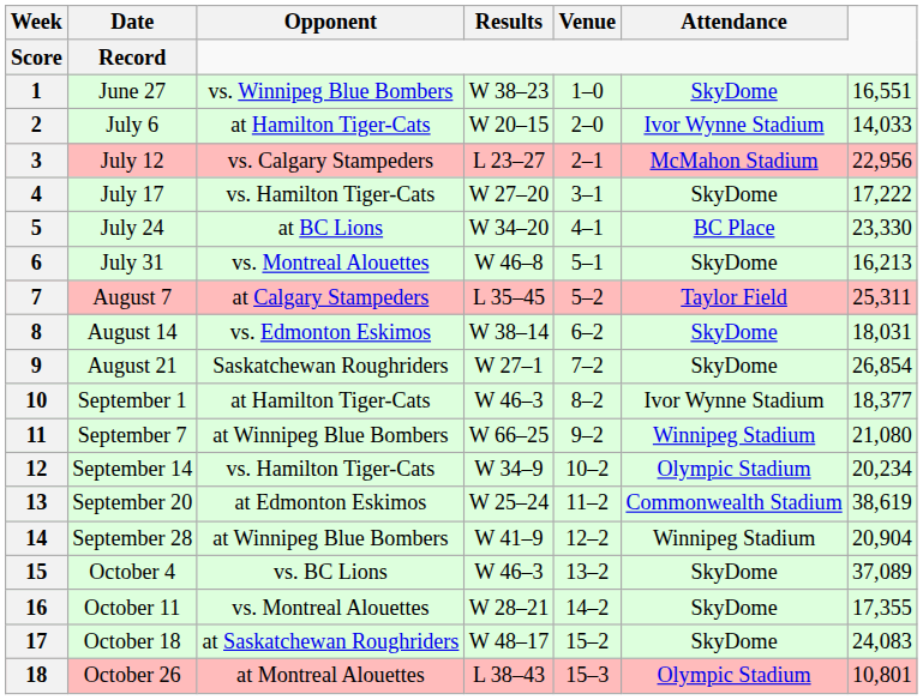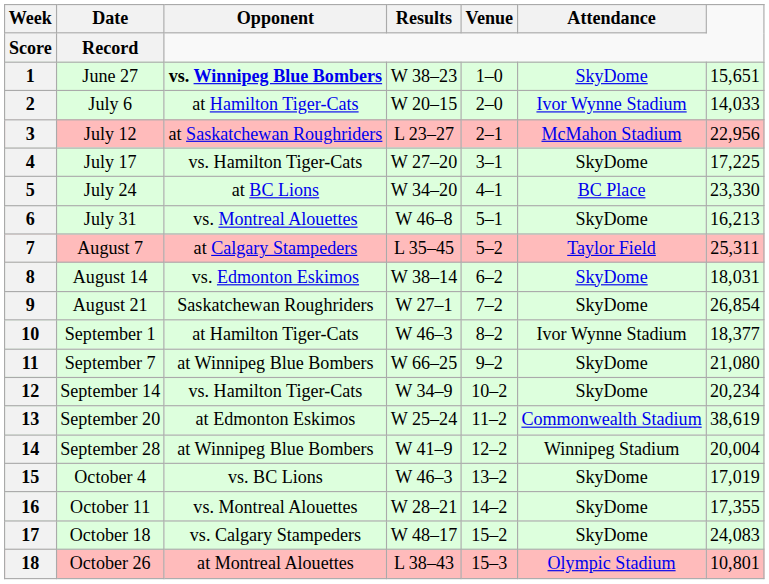 <table class="wikitable" style="text-align:center">
 <tr>
 <th>Week</th>
 <th>Date</th>
 <th>Opponent</th>
 <th>Results</th>
 <th>Venue</th>
 <th>Attendance</th>
 </tr>
 <tr>
 <th>Score</th>
 <th>Record</th>
 </tr>
 <tr style="background:#ddffdd">
 <th>1</th>
 <td>June 27</td>
-<td>vs. <a href='#'>Winnipeg Blue Bombers</a></td>
+<td><strong>vs. <a href='#'>Winnipeg Blue Bombers</a></strong></td>
 <td>W 38–23</td>
 <td>1–0</td>
 <td><a href='#'>SkyDome</a></td>
-<td>16,551</td>
+<td>15,651</td>
 </tr>
 <tr style="background:#ddffdd">
 <th>2</th>
 <td>July 6</td>
 <td>at <a href='#'>Hamilton Tiger-Cats</a></td>
 <td>W 20–15</td>
 <td>2–0</td>
 <td><a href='#'>Ivor Wynne Stadium</a></td>
 <td>14,033</td>
 </tr>
 <tr style="background:#ffbbbb">
 <th>3</th>
 <td>July 12</td>
-<td>vs. Calgary Stampeders</td>
+<td>at <a href='#'>Saskatchewan Roughriders</a></td>
 <td>L 23–27</td>
 <td>2–1</td>
 <td><a href='#'>McMahon Stadium</a></td>
 <td>22,956</td>
 </tr>
 <tr style="background:#ddffdd">
 <th>4</th>
 <td>July 17</td>
 <td>vs. Hamilton Tiger-Cats</td>
 <td>W 27–20</td>
 <td>3–1</td>
 <td>SkyDome</td>
-<td>17,222</td>
+<td>17,225</td>
 </tr>
 <tr style="background:#ddffdd">
 <th>5</th>
 <td>July 24</td>
 <td>at <a href='#'>BC Lions</a></td>
 <td>W 34–20</td>
 <td>4–1</td>
 <td><a href='#'>BC Place</a></td>
 <td>23,330</td>
 </tr>
 <tr style="background:#ddffdd">
 <th>6</th>
 <td>July 31</td>
 <td>vs. <a href='#'>Montreal Alouettes</a></td>
 <td>W 46–8</td>
 <td>5–1</td>
 <td>SkyDome</td>
 <td>16,213</td>
 </tr>
 <tr style="background:#ffbbbb">
 <th>7</th>
 <td>August 7</td>
 <td>at <a href='#'>Calgary Stampeders</a></td>
 <td>L 35–45</td>
 <td>5–2</td>
 <td><a href='#'>Taylor Field</a></td>
 <td>25,311</td>
 </tr>
 <tr style="background:#ddffdd">
 <th>8</th>
 <td>August 14</td>
 <td>vs. <a href='#'>Edmonton Eskimos</a></td>
 <td>W 38–14</td>
 <td>6–2</td>
 <td><a href='#'>SkyDome</a></td>
 <td>18,031</td>
 </tr>
 <tr style="background:#ddffdd">
 <th>9</th>
 <td>August 21</td>
 <td>Saskatchewan Roughriders</td>
 <td>W 27–1</td>
 <td>7–2</td>
 <td>SkyDome</td>
 <td>26,854</td>
 </tr>
 <tr style="background:#ddffdd">
 <th>10</th>
 <td>September 1</td>
 <td>at Hamilton Tiger-Cats</td>
 <td>W 46–3</td>
 <td>8–2</td>
 <td>Ivor Wynne Stadium</td>
 <td>18,377</td>
 </tr>
 <tr style="background:#ddffdd">
 <th>11</th>
 <td>September 7</td>
 <td>at Winnipeg Blue Bombers</td>
 <td>W 66–25</td>
 <td>9–2</td>
-<td><a href='#'>Winnipeg Stadium</a></td>
+<td>SkyDome</td>
 <td>21,080</td>
 </tr>
 <tr style="background:#ddffdd">
 <th>12</th>
 <td>September 14</td>
 <td>vs. Hamilton Tiger-Cats</td>
 <td>W 34–9</td>
 <td>10–2</td>
-<td><a href='#'>Olympic Stadium</a></td>
+<td>SkyDome</td>
 <td>20,234</td>
 </tr>
 <tr style="background:#ddffdd">
 <th>13</th>
 <td>September 20</td>
 <td>at Edmonton Eskimos</td>
 <td>W 25–24</td>
 <td>11–2</td>
 <td><a href='#'>Commonwealth Stadium</a></td>
 <td>38,619</td>
 </tr>
 <tr style="background:#ddffdd">
 <th>14</th>
 <td>September 28</td>
 <td>at Winnipeg Blue Bombers</td>
 <td>W 41–9</td>
 <td>12–2</td>
 <td>Winnipeg Stadium</td>
-<td>20,904</td>
+<td>20,004</td>
 </tr>
 <tr style="background:#ddffdd">
 <th>15</th>
 <td>October 4</td>
 <td>vs. BC Lions</td>
 <td>W 46–3</td>
 <td>13–2</td>
 <td>SkyDome</td>
-<td>37,089</td>
+<td>17,019</td>
 </tr>
 <tr style="background:#ddffdd">
 <th>16</th>
 <td>October 11</td>
 <td>vs. Montreal Alouettes</td>
 <td>W 28–21</td>
 <td>14–2</td>
 <td>SkyDome</td>
 <td>17,355</td>
 </tr>
 <tr style="background:#ddffdd">
 <th>17</th>
 <td>October 18</td>
-<td>at <a href='#'>Saskatchewan Roughriders</a></td>
+<td>vs. Calgary Stampeders</td>
 <td>W 48–17</td>
 <td>15–2</td>
 <td>SkyDome</td>
 <td>24,083</td>
 </tr>
 <tr style="background:#ffbbbb">
 <th>18</th>
 <td>October 26</td>
 <td>at Montreal Alouettes</td>
 <td>L 38–43</td>
 <td>15–3</td>
 <td><a href='#'>Olympic Stadium</a></td>
 <td>10,801</td>
 </tr>
 </table>
